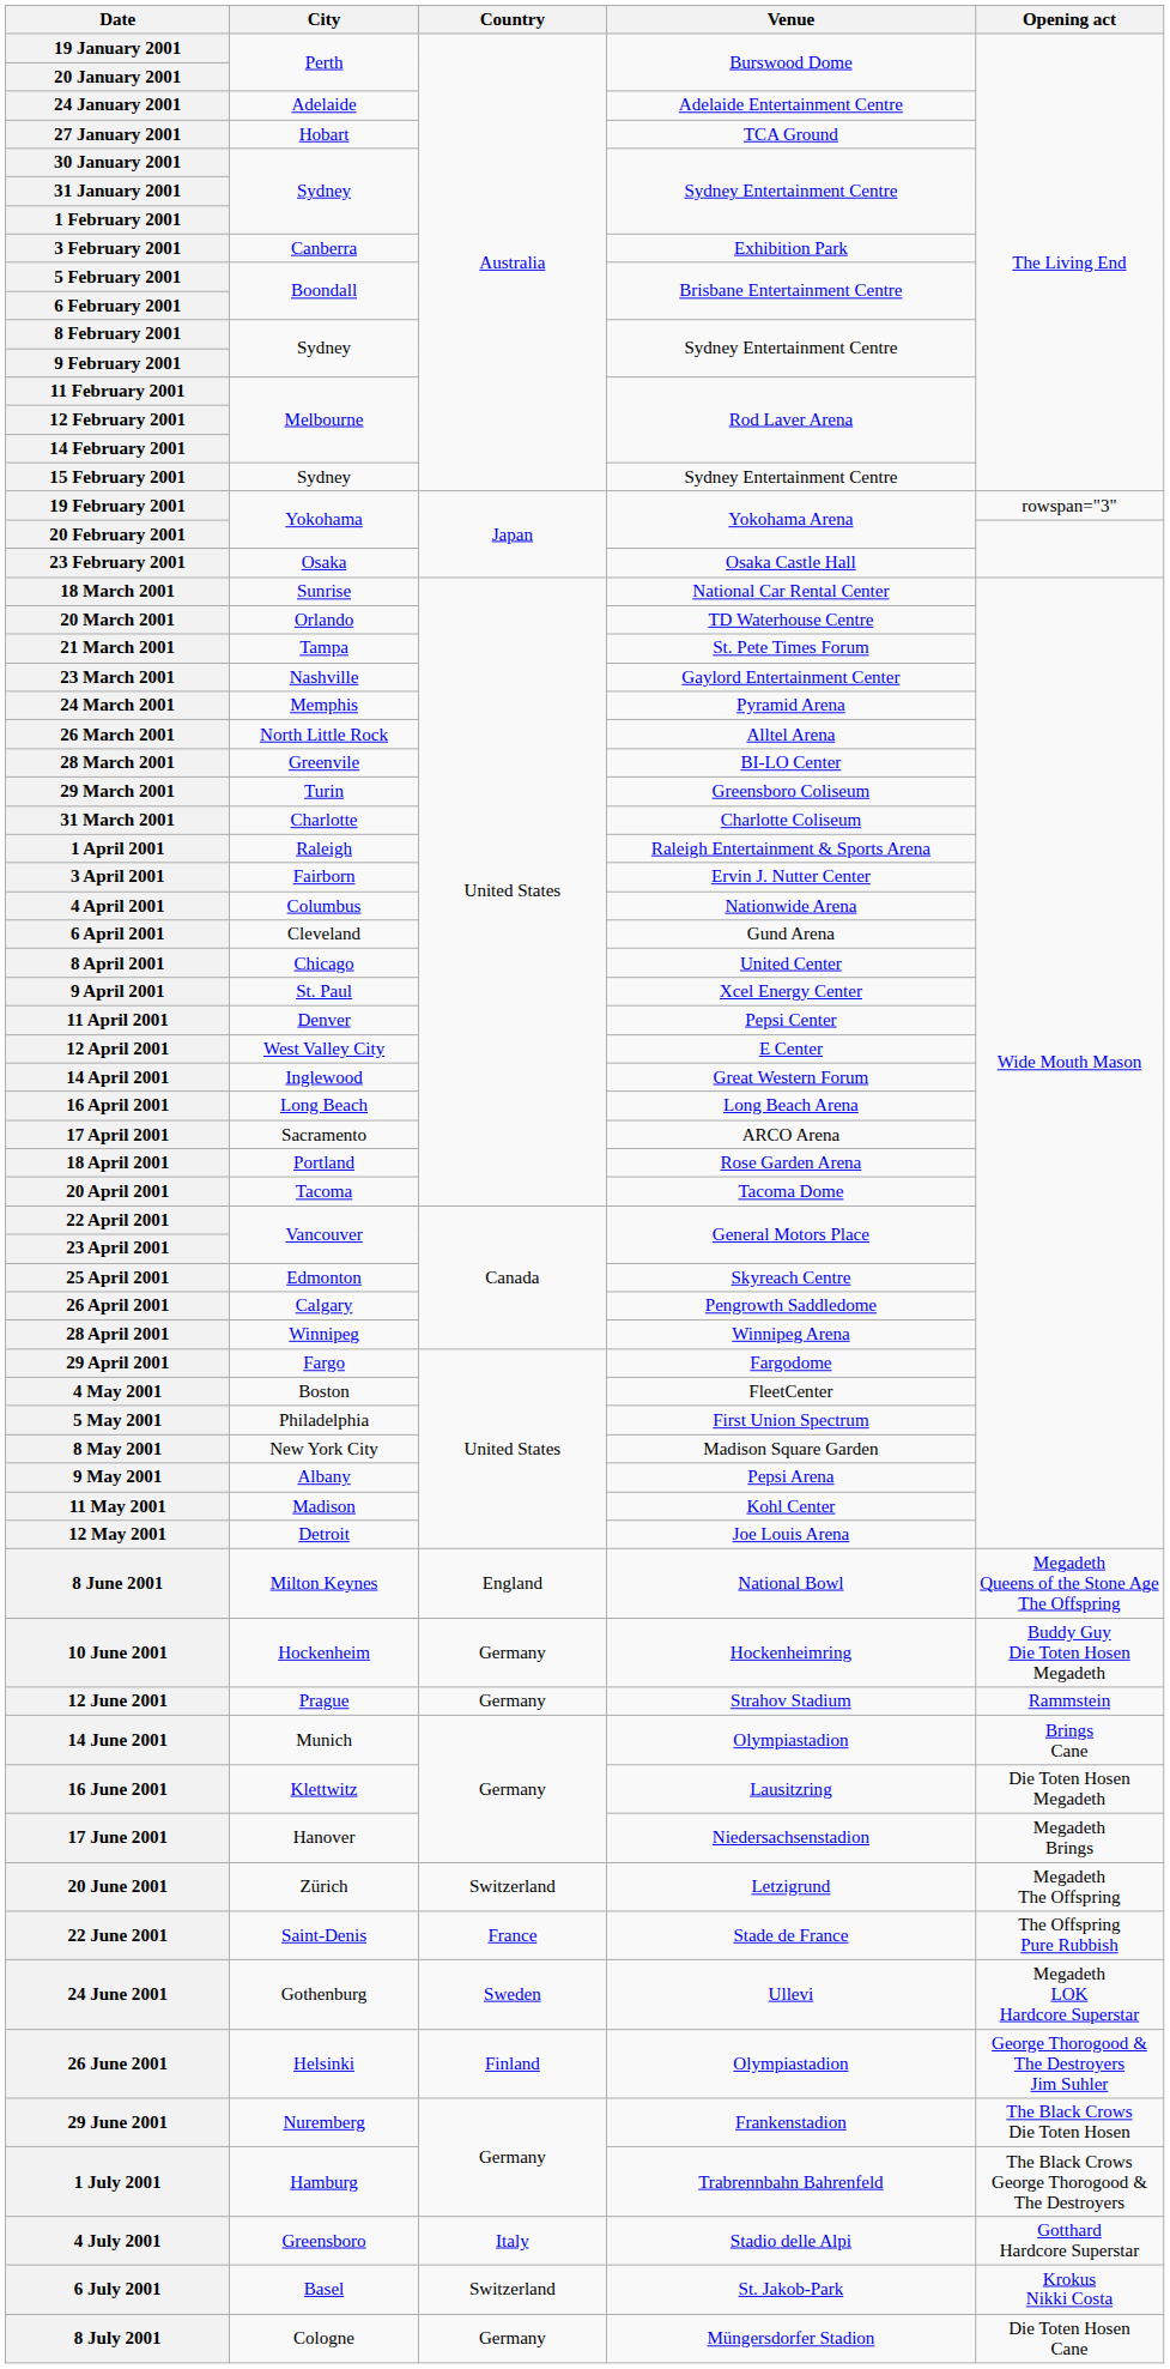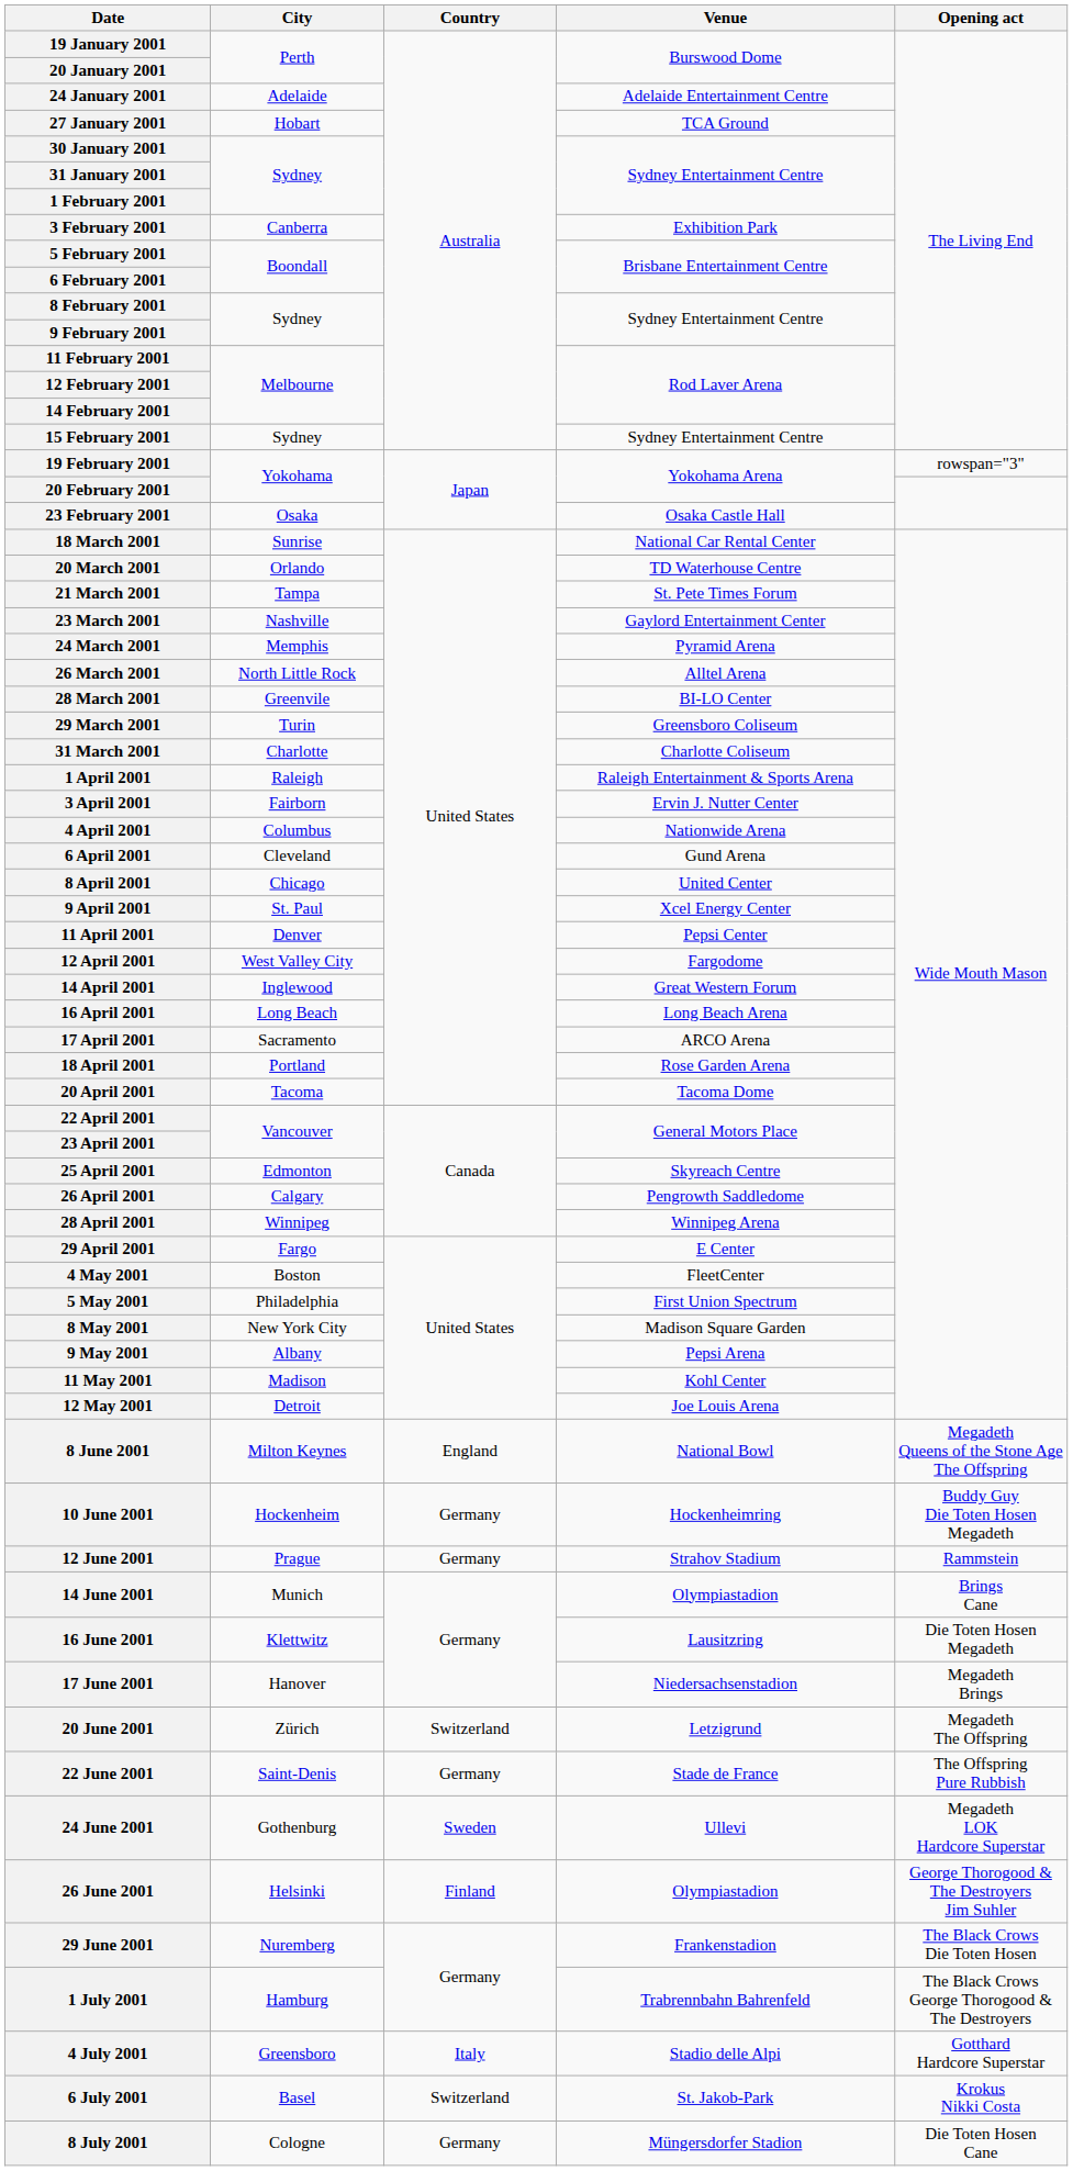 <table class="wikitable plainrowheaders" style="text-align:center;">
 <tr>
 <th scope="col" style="width:12em;">Date</th>
 <th scope="col" style="width:10em;">City</th>
 <th scope="col" style="width:10em;">Country</th>
 <th scope="col" style="width:20em;">Venue</th>
 <th scope="col" style="width:10em;">Opening act</th>
 </tr>
 <tr>
 <th scope="row" style="text-align:center;">19 January 2001</th>
 <td rowspan="2"><a href='#'>Perth</a></td>
 <td rowspan="16"><a href='#'>Australia</a></td>
 <td rowspan="2"><a href='#'>Burswood Dome</a></td>
 <td rowspan="16"><a href='#'>The Living End</a></td>
 </tr>
 <tr>
 <th scope="row" style="text-align:center;">20 January 2001</th>
 </tr>
 <tr>
 <th scope="row" style="text-align:center;">24 January 2001</th>
 <td><a href='#'>Adelaide</a></td>
 <td><a href='#'>Adelaide Entertainment Centre</a></td>
 </tr>
 <tr>
 <th scope="row" style="text-align:center;">27 January 2001</th>
 <td><a href='#'>Hobart</a></td>
 <td><a href='#'>TCA Ground</a></td>
 </tr>
 <tr>
 <th scope="row" style="text-align:center;">30 January 2001</th>
 <td rowspan="3"><a href='#'>Sydney</a></td>
 <td rowspan="3"><a href='#'>Sydney Entertainment Centre</a></td>
 </tr>
 <tr>
 <th scope="row" style="text-align:center;">31 January 2001</th>
 </tr>
 <tr>
 <th scope="row" style="text-align:center;">1 February 2001</th>
 </tr>
 <tr>
 <th scope="row" style="text-align:center;">3 February 2001</th>
 <td><a href='#'>Canberra</a></td>
 <td><a href='#'>Exhibition Park</a></td>
 </tr>
 <tr>
 <th scope="row" style="text-align:center;">5 February 2001</th>
 <td rowspan="2"><a href='#'>Boondall</a></td>
 <td rowspan="2"><a href='#'>Brisbane Entertainment Centre</a></td>
 </tr>
 <tr>
 <th scope="row" style="text-align:center;">6 February 2001</th>
 </tr>
 <tr>
 <th scope="row" style="text-align:center;">8 February 2001</th>
 <td rowspan="2">Sydney</td>
 <td rowspan="2">Sydney Entertainment Centre</td>
 </tr>
 <tr>
 <th scope="row" style="text-align:center;">9 February 2001</th>
 </tr>
 <tr>
 <th scope="row" style="text-align:center;">11 February 2001</th>
 <td rowspan="3"><a href='#'>Melbourne</a></td>
 <td rowspan="3"><a href='#'>Rod Laver Arena</a></td>
 </tr>
 <tr>
 <th scope="row" style="text-align:center;">12 February 2001</th>
 </tr>
 <tr>
 <th scope="row" style="text-align:center;">14 February 2001</th>
 </tr>
 <tr>
 <th scope="row" style="text-align:center;">15 February 2001</th>
 <td>Sydney</td>
 <td>Sydney Entertainment Centre</td>
 </tr>
 <tr>
 <th scope="row" style="text-align:center;">19 February 2001</th>
 <td rowspan="2"><a href='#'>Yokohama</a></td>
 <td rowspan="3"><a href='#'>Japan</a></td>
 <td rowspan="2"><a href='#'>Yokohama Arena</a></td>
 <td>rowspan="3" </td>
 </tr>
 <tr>
 <th scope="row" style="text-align:center;">20 February 2001</th>
 </tr>
 <tr>
 <th scope="row" style="text-align:center;">23 February 2001</th>
 <td><a href='#'>Osaka</a></td>
 <td><a href='#'>Osaka Castle Hall</a></td>
 </tr>
 <tr>
 <th scope="row" style="text-align:center;">18 March 2001</th>
 <td><a href='#'>Sunrise</a></td>
 <td rowspan="22">United States</td>
 <td><a href='#'>National Car Rental Center</a></td>
 <td rowspan="34"><a href='#'>Wide Mouth Mason</a></td>
 </tr>
 <tr>
 <th scope="row" style="text-align:center;">20 March 2001</th>
 <td><a href='#'>Orlando</a></td>
 <td><a href='#'>TD Waterhouse Centre</a></td>
 </tr>
 <tr>
 <th scope="row" style="text-align:center;">21 March 2001</th>
 <td><a href='#'>Tampa</a></td>
 <td><a href='#'>St. Pete Times Forum</a></td>
 </tr>
 <tr>
 <th scope="row" style="text-align:center;">23 March 2001</th>
 <td><a href='#'>Nashville</a></td>
 <td><a href='#'>Gaylord Entertainment Center</a></td>
 </tr>
 <tr>
 <th scope="row" style="text-align:center;">24 March 2001</th>
 <td><a href='#'>Memphis</a></td>
 <td><a href='#'>Pyramid Arena</a></td>
 </tr>
 <tr>
 <th scope="row" style="text-align:center;">26 March 2001</th>
 <td><a href='#'>North Little Rock</a></td>
 <td><a href='#'>Alltel Arena</a></td>
 </tr>
 <tr>
 <th scope="row" style="text-align:center;">28 March 2001</th>
 <td><a href='#'>Greenvile</a></td>
 <td><a href='#'>BI-LO Center</a></td>
 </tr>
 <tr>
 <th scope="row" style="text-align:center;">29 March 2001</th>
 <td><a href='#'>Turin</a></td>
 <td><a href='#'>Greensboro Coliseum</a></td>
 </tr>
 <tr>
 <th scope="row" style="text-align:center;">31 March 2001</th>
 <td><a href='#'>Charlotte</a></td>
 <td><a href='#'>Charlotte Coliseum</a></td>
 </tr>
 <tr>
 <th scope="row" style="text-align:center;">1 April 2001</th>
 <td><a href='#'>Raleigh</a></td>
 <td><a href='#'>Raleigh Entertainment & Sports Arena</a></td>
 </tr>
 <tr>
 <th scope="row" style="text-align:center;">3 April 2001</th>
 <td><a href='#'>Fairborn</a></td>
 <td><a href='#'>Ervin J. Nutter Center</a></td>
 </tr>
 <tr>
 <th scope="row" style="text-align:center;">4 April 2001</th>
 <td><a href='#'>Columbus</a></td>
 <td><a href='#'>Nationwide Arena</a></td>
 </tr>
 <tr>
 <th scope="row" style="text-align:center;">6 April 2001</th>
 <td>Cleveland</td>
 <td>Gund Arena</td>
 </tr>
 <tr>
 <th scope="row" style="text-align:center;">8 April 2001</th>
 <td><a href='#'>Chicago</a></td>
 <td><a href='#'>United Center</a></td>
 </tr>
 <tr>
 <th scope="row" style="text-align:center;">9 April 2001</th>
 <td><a href='#'>St. Paul</a></td>
 <td><a href='#'>Xcel Energy Center</a></td>
 </tr>
 <tr>
 <th scope="row" style="text-align:center;">11 April 2001</th>
 <td><a href='#'>Denver</a></td>
 <td><a href='#'>Pepsi Center</a></td>
 </tr>
 <tr>
 <th scope="row" style="text-align:center;">12 April 2001</th>
 <td><a href='#'>West Valley City</a></td>
-<td><a href='#'>E Center</a></td>
+<td><a href='#'>Fargodome</a></td>
 </tr>
 <tr>
 <th scope="row" style="text-align:center;">14 April 2001</th>
 <td><a href='#'>Inglewood</a></td>
 <td><a href='#'>Great Western Forum</a></td>
 </tr>
 <tr>
 <th scope="row" style="text-align:center;">16 April 2001</th>
 <td><a href='#'>Long Beach</a></td>
 <td><a href='#'>Long Beach Arena</a></td>
 </tr>
 <tr>
 <th scope="row" style="text-align:center;">17 April 2001</th>
 <td>Sacramento</td>
 <td>ARCO Arena</td>
 </tr>
 <tr>
 <th scope="row" style="text-align:center;">18 April 2001</th>
 <td><a href='#'>Portland</a></td>
 <td><a href='#'>Rose Garden Arena</a></td>
 </tr>
 <tr>
 <th scope="row" style="text-align:center;">20 April 2001</th>
 <td><a href='#'>Tacoma</a></td>
 <td><a href='#'>Tacoma Dome</a></td>
 </tr>
 <tr>
 <th scope="row" style="text-align:center;">22 April 2001</th>
 <td rowspan="2"><a href='#'>Vancouver</a></td>
 <td rowspan="5">Canada</td>
 <td rowspan="2"><a href='#'>General Motors Place</a></td>
 </tr>
 <tr>
 <th scope="row" style="text-align:center;">23 April 2001</th>
 </tr>
 <tr>
 <th scope="row" style="text-align:center;">25 April 2001</th>
 <td><a href='#'>Edmonton</a></td>
 <td><a href='#'>Skyreach Centre</a></td>
 </tr>
 <tr>
 <th scope="row" style="text-align:center;">26 April 2001</th>
 <td><a href='#'>Calgary</a></td>
 <td><a href='#'>Pengrowth Saddledome</a></td>
 </tr>
 <tr>
 <th scope="row" style="text-align:center;">28 April 2001</th>
 <td><a href='#'>Winnipeg</a></td>
 <td><a href='#'>Winnipeg Arena</a></td>
 </tr>
 <tr>
 <th scope="row" style="text-align:center;">29 April 2001</th>
 <td><a href='#'>Fargo</a></td>
 <td rowspan="7">United States</td>
-<td><a href='#'>Fargodome</a></td>
+<td><a href='#'>E Center</a></td>
 </tr>
 <tr>
 <th scope="row" style="text-align:center;">4 May 2001</th>
 <td>Boston</td>
 <td>FleetCenter</td>
 </tr>
 <tr>
 <th scope="row" style="text-align:center;">5 May 2001</th>
 <td>Philadelphia</td>
 <td><a href='#'>First Union Spectrum</a></td>
 </tr>
 <tr>
 <th scope="row" style="text-align:center;">8 May 2001</th>
 <td>New York City</td>
 <td>Madison Square Garden</td>
 </tr>
 <tr>
 <th scope="row" style="text-align:center;">9 May 2001</th>
 <td><a href='#'>Albany</a></td>
 <td><a href='#'>Pepsi Arena</a></td>
 </tr>
 <tr>
 <th scope="row" style="text-align:center;">11 May 2001</th>
 <td><a href='#'>Madison</a></td>
 <td><a href='#'>Kohl Center</a></td>
 </tr>
 <tr>
 <th scope="row" style="text-align:center;">12 May 2001</th>
 <td><a href='#'>Detroit</a></td>
 <td><a href='#'>Joe Louis Arena</a></td>
 </tr>
 <tr>
 <th scope="row" style="text-align:center;">8 June 2001</th>
 <td><a href='#'>Milton Keynes</a></td>
 <td>England</td>
 <td><a href='#'>National Bowl</a></td>
 <td><a href='#'>Megadeth</a><br><a href='#'>Queens of the Stone Age</a><br><a href='#'>The Offspring</a></td>
 </tr>
 <tr>
 <th scope="row" style="text-align:center;">10 June 2001</th>
 <td><a href='#'>Hockenheim</a></td>
 <td>Germany</td>
 <td><a href='#'>Hockenheimring</a></td>
 <td><a href='#'>Buddy Guy</a><br><a href='#'>Die Toten Hosen</a><br>Megadeth</td>
 </tr>
 <tr>
 <th scope="row" style="text-align:center;">12 June 2001</th>
 <td><a href='#'>Prague</a></td>
 <td>Germany</td>
 <td><a href='#'>Strahov Stadium</a></td>
 <td><a href='#'>Rammstein</a></td>
 </tr>
 <tr>
 <th scope="row" style="text-align:center;">14 June 2001</th>
 <td>Munich</td>
 <td rowspan="3">Germany</td>
 <td><a href='#'>Olympiastadion</a></td>
 <td><a href='#'>Brings</a><br>Cane</td>
 </tr>
 <tr>
 <th scope="row" style="text-align:center;">16 June 2001</th>
 <td><a href='#'>Klettwitz</a></td>
 <td><a href='#'>Lausitzring</a></td>
 <td>Die Toten Hosen<br>Megadeth</td>
 </tr>
 <tr>
 <th scope="row" style="text-align:center;">17 June 2001</th>
 <td>Hanover</td>
 <td><a href='#'>Niedersachsenstadion</a></td>
 <td>Megadeth<br>Brings</td>
 </tr>
 <tr>
 <th scope="row" style="text-align:center;">20 June 2001</th>
 <td>Zürich</td>
 <td>Switzerland</td>
 <td><a href='#'>Letzigrund</a></td>
 <td>Megadeth<br>The Offspring</td>
 </tr>
 <tr>
 <th scope="row" style="text-align:center;">22 June 2001</th>
 <td><a href='#'>Saint-Denis</a></td>
-<td><a href='#'>France</a></td>
+<td>Germany</td>
 <td><a href='#'>Stade de France</a></td>
 <td>The Offspring<br><a href='#'>Pure Rubbish</a></td>
 </tr>
 <tr>
 <th scope="row" style="text-align:center;">24 June 2001</th>
 <td>Gothenburg</td>
 <td><a href='#'>Sweden</a></td>
 <td><a href='#'>Ullevi</a></td>
 <td>Megadeth<br><a href='#'>LOK</a><br><a href='#'>Hardcore Superstar</a></td>
 </tr>
 <tr>
 <th scope="row" style="text-align:center;">26 June 2001</th>
 <td><a href='#'>Helsinki</a></td>
 <td><a href='#'>Finland</a></td>
 <td><a href='#'>Olympiastadion</a></td>
 <td><a href='#'>George Thorogood & The Destroyers</a><br><a href='#'>Jim Suhler</a></td>
 </tr>
 <tr>
 <th scope="row" style="text-align:center;">29 June 2001</th>
 <td><a href='#'>Nuremberg</a></td>
 <td rowspan="2">Germany</td>
 <td><a href='#'>Frankenstadion</a></td>
 <td><a href='#'>The Black Crows</a><br>Die Toten Hosen</td>
 </tr>
 <tr>
 <th scope="row" style="text-align:center;">1 July 2001</th>
 <td><a href='#'>Hamburg</a></td>
 <td><a href='#'>Trabrennbahn Bahrenfeld</a></td>
 <td>The Black Crows<br>George Thorogood & The Destroyers</td>
 </tr>
 <tr>
 <th scope="row" style="text-align:center;">4 July 2001</th>
 <td><a href='#'>Greensboro</a></td>
 <td><a href='#'>Italy</a></td>
 <td><a href='#'>Stadio delle Alpi</a></td>
 <td><a href='#'>Gotthard</a><br>Hardcore Superstar</td>
 </tr>
 <tr>
 <th scope="row" style="text-align:center;">6 July 2001</th>
 <td><a href='#'>Basel</a></td>
 <td>Switzerland</td>
 <td><a href='#'>St. Jakob-Park</a></td>
 <td><a href='#'>Krokus</a><br><a href='#'>Nikki Costa</a></td>
 </tr>
 <tr>
 <th scope="row" style="text-align:center;">8 July 2001</th>
 <td>Cologne</td>
 <td>Germany</td>
 <td><a href='#'>Müngersdorfer Stadion</a></td>
 <td>Die Toten Hosen<br>Cane</td>
 </tr>
 </table>
